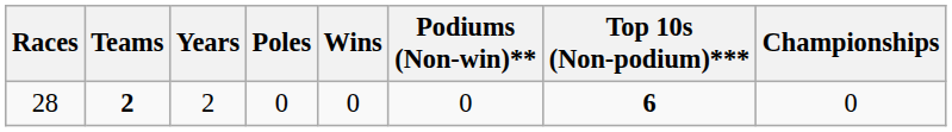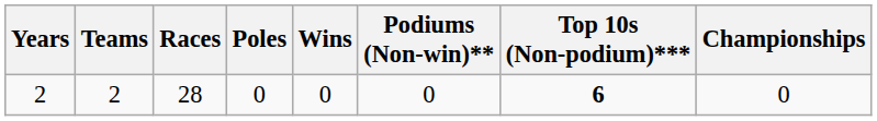 <table class="wikitable" style="text-align:center; font-size:90%">
 <tr>
+<th>Years</th>
+<th>Teams</th>
 <th>Races</th>
-<th>Teams</th>
-<th>Years</th>
 <th>Poles</th>
 <th>Wins</th>
 <th>Podiums<br>(Non-win)**</th>
 <th>Top 10s<br>(Non-podium)***</th>
 <th>Championships</th>
 </tr>
 <tr>
+<td>2</td>
+<td>2</td>
 <td>28</td>
-<td><strong>2</strong></td>
-<td>2</td>
 <td>0</td>
 <td>0</td>
 <td>0</td>
 <td><strong>6</strong></td>
 <td>0</td>
 </tr>
 </table>
